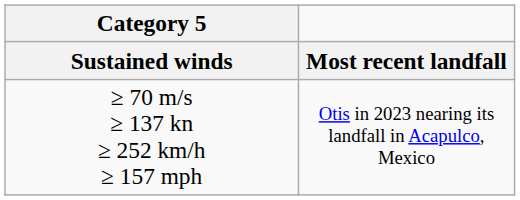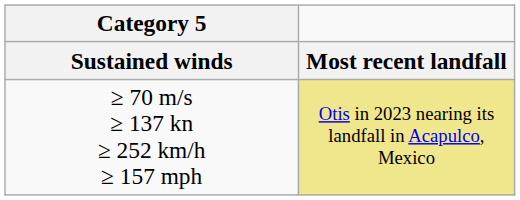 <table class="wikitable" style="text-align: center; float:right; margin-left: 1em; width:350px;">
 <tr>
 <th style="background: #">Category 5</th>
 </tr>
 <tr>
 <th>Sustained winds</th>
 <th>Most recent landfall</th>
 </tr>
 <tr>
 <td>≥ 70 m/s<br>≥ 137 kn<br>≥ 252 km/h<br>≥ 157 mph</td>
-<td style = "font-size: 80%; width:142px"> <a href='#'>Otis</a> in 2023 nearing its landfall in <a href='#'>Acapulco</a>, Mexico</td>
+<td style = "background: khaki; font-size: 80%; width:142px"> <a href='#'>Otis</a> in 2023 nearing its landfall in <a href='#'>Acapulco</a>, Mexico</td>
 </tr>
 </table>
